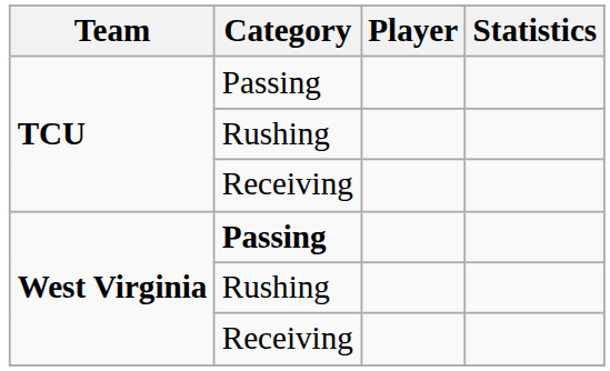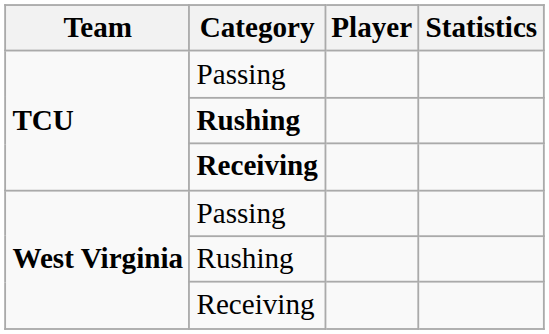 <table class="wikitable" style="float: right;">
 <tr>
 <th>Team</th>
 <th>Category</th>
 <th>Player</th>
 <th>Statistics</th>
 </tr>
 <tr>
 <td rowspan=3><strong>TCU</strong></td>
 <td>Passing</td>
 <td></td>
 <td></td>
 </tr>
 <tr>
-<td>Rushing</td>
+<td><strong>Rushing</strong></td>
 <td></td>
 <td></td>
 </tr>
 <tr>
-<td>Receiving</td>
+<td><strong>Receiving</strong></td>
 <td></td>
 <td></td>
 </tr>
 <tr>
 <td rowspan=3><strong>West Virginia</strong></td>
-<td><strong>Passing</strong></td>
+<td>Passing</td>
 <td></td>
 <td></td>
 </tr>
 <tr>
 <td>Rushing</td>
 <td></td>
 <td></td>
 </tr>
 <tr>
 <td>Receiving</td>
 <td></td>
 <td></td>
 </tr>
 </table>
